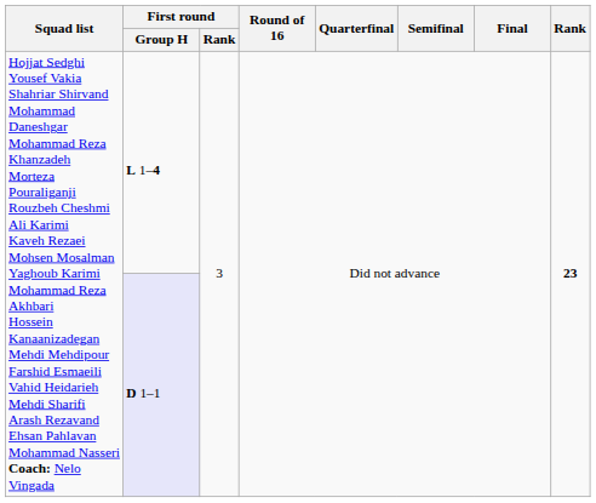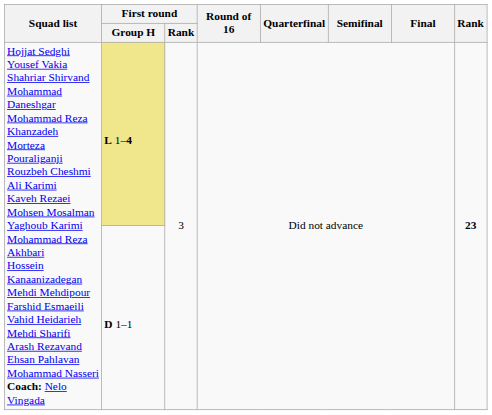 <table class="wikitable" width="98%" style="text-align:left; font-size:90%">
 <tr>
 <th rowspan="2" width="20%">Squad list</th>
 <th colspan="2">First round</th>
 <th rowspan="2" width="13%">Round of 16</th>
 <th rowspan="2" width="13%">Quarterfinal</th>
 <th rowspan="2" width="13%">Semifinal</th>
 <th rowspan="2" width="13%">Final</th>
 <th rowspan="2" width="5%">Rank</th>
 </tr>
 <tr>
 <th width="13%">Group H</th>
 <th width="5%">Rank</th>
 </tr>
 <tr>
 <td rowspan=2><a href='#'>Hojjat Sedghi</a><br><a href='#'>Yousef Vakia</a><br><a href='#'>Shahriar Shirvand</a><br><a href='#'>Mohammad Daneshgar</a><br><a href='#'>Mohammad Reza Khanzadeh</a><br><a href='#'>Morteza Pouraliganji</a><br><a href='#'>Rouzbeh Cheshmi</a><br><a href='#'>Ali Karimi</a><br><a href='#'>Kaveh Rezaei</a><br><a href='#'>Mohsen Mosalman</a><br><a href='#'>Yaghoub Karimi</a><br><a href='#'>Mohammad Reza Akhbari</a><br><a href='#'>Hossein Kanaanizadegan</a><br><a href='#'>Mehdi Mehdipour</a><br><a href='#'>Farshid Esmaeili</a><br><a href='#'>Vahid Heidarieh</a><br><a href='#'>Mehdi Sharifi</a><br><a href='#'>Arash Rezavand</a><br><a href='#'>Ehsan Pahlavan</a><br><a href='#'>Mohammad Nasseri</a><br><strong>Coach:</strong>  <a href='#'>Nelo Vingada</a></td>
-<td><br><strong>L</strong> 1–<strong>4</strong></td>
+<td style="background: khaki;"><br><strong>L</strong> 1–<strong>4</strong></td>
 <td rowspan=2 align=center>3</td>
 <td rowspan=2 colspan=4 align=center>Did not advance</td>
 <td rowspan=2 align="center"><strong>23</strong></td>
 </tr>
 <tr>
-<td style="background: lavender;"><br><strong>D</strong> 1–1</td>
+<td><br><strong>D</strong> 1–1</td>
 </tr>
 </table>
